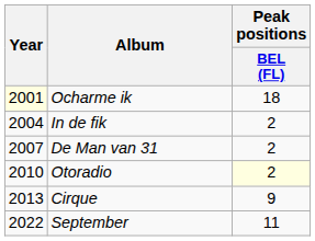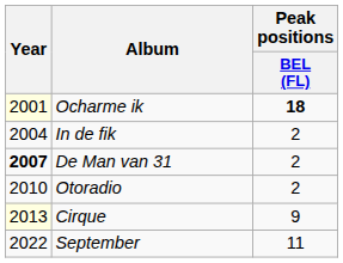 <table class="wikitable">
 <tr>
 <th align="center" rowspan="2" width="10">Year</th>
 <th align="center" rowspan="2" width="180">Album</th>
 <th align="center" colspan="1" width="20">Peak positions</th>
 </tr>
 <tr>
 <th scope="col" style="width:5em;font-size:90%;"><a href='#'>BEL<br>(FL)</a><br></th>
 </tr>
 <tr>
 <td style="background: lightyellow; text-align:center;">2001</td>
 <td><em>Ocharme ik</em></td>
-<td style="text-align:center;">18</td>
+<td style="text-align:center;"><strong>18</strong></td>
 </tr>
 <tr>
 <td style="text-align:center;">2004</td>
 <td><em>In de fik</em></td>
 <td style="text-align:center;">2</td>
 </tr>
 <tr>
-<td style="text-align:center;">2007</td>
+<td style="text-align:center;"><strong>2007</strong></td>
 <td><em>De Man van 31</em></td>
 <td style="text-align:center;">2</td>
 </tr>
 <tr>
 <td style="text-align:center;">2010</td>
 <td><em>Otoradio</em></td>
-<td style="background: lightyellow; text-align:center;">2</td>
+<td style="text-align:center;">2</td>
 </tr>
 <tr>
-<td style="text-align:center;">2013</td>
+<td style="background: lightyellow; text-align:center;">2013</td>
 <td><em>Cirque</em></td>
 <td style="text-align:center;">9</td>
 </tr>
 <tr>
 <td style="text-align:center;">2022</td>
 <td><em>September</em></td>
 <td style="text-align:center;">11</td>
 </tr>
 </table>
